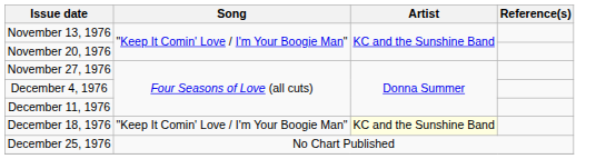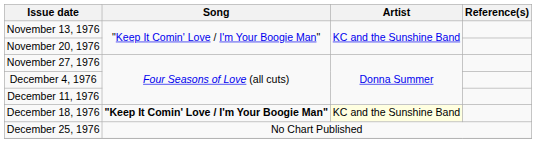 <table class="wikitable" style="text-align:center;">
 <tr>
 <th scope="col">Issue date</th>
 <th scope="col">Song</th>
 <th scope="col">Artist</th>
 <th scope="col">Reference(s)</th>
 </tr>
 <tr>
 <td>November 13, 1976</td>
 <td rowspan="2">"<a href='#'>Keep It Comin' Love</a> / <a href='#'>I'm Your Boogie Man</a>"</td>
 <td rowspan="2"><a href='#'>KC and the Sunshine Band</a></td>
 <td></td>
 </tr>
 <tr>
 <td>November 20, 1976</td>
 <td></td>
 </tr>
 <tr>
 <td>November 27, 1976</td>
 <td rowspan="3"><em><a href='#'>Four Seasons of Love</a></em> (all cuts)</td>
 <td rowspan="3"><a href='#'>Donna Summer</a></td>
 <td></td>
 </tr>
 <tr>
 <td>December 4, 1976</td>
 <td></td>
 </tr>
 <tr>
 <td>December 11, 1976</td>
 <td></td>
 </tr>
 <tr>
 <td>December 18, 1976</td>
-<td>"Keep It Comin' Love / I'm Your Boogie Man"</td>
+<td><strong>"Keep It Comin' Love / I'm Your Boogie Man"</strong></td>
 <td style="background: lightyellow;">KC and the Sunshine Band</td>
 <td></td>
 </tr>
 <tr>
 <td>December 25, 1976</td>
 <td colspan=3>No Chart Published</td>
 </tr>
 <tr>
 </tr>
 </table>
